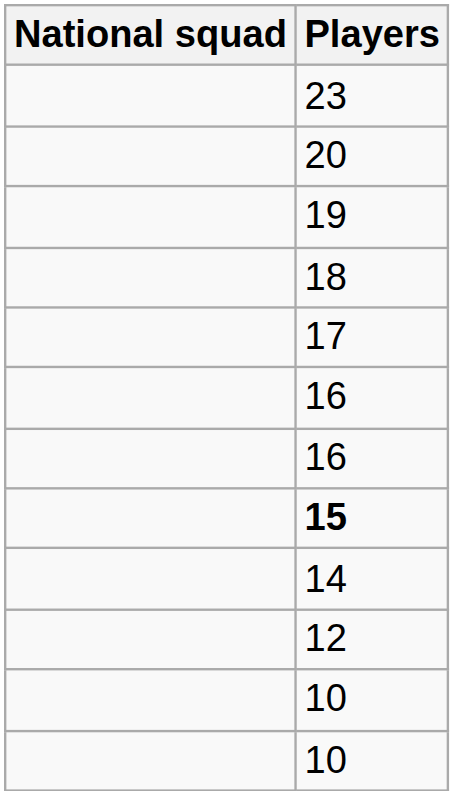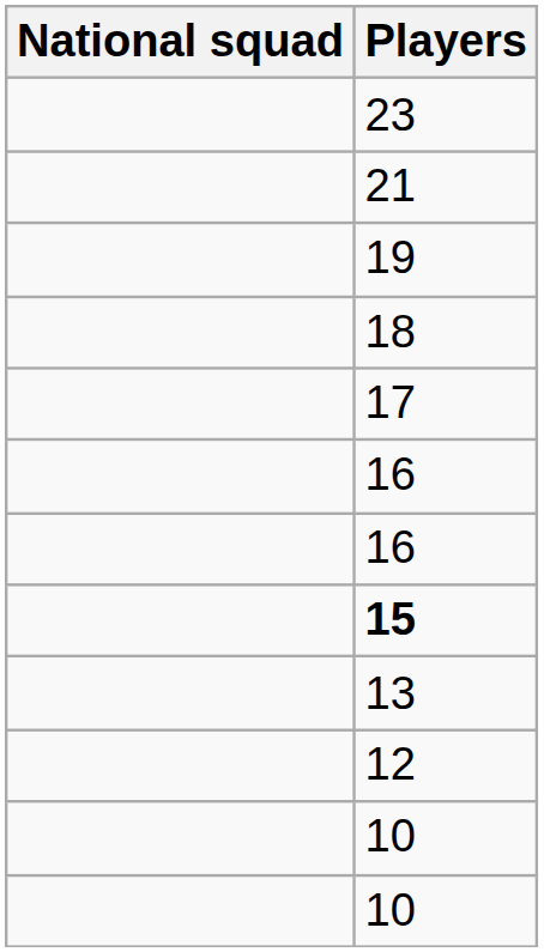 <table class="wikitable sortable">
 <tr>
 <th>National squad</th>
 <th>Players</th>
 </tr>
 <tr>
 <td></td>
 <td>23</td>
 </tr>
 <tr>
 <td></td>
-<td>20</td>
+<td>21</td>
 </tr>
 <tr>
 <td></td>
 <td>19</td>
 </tr>
 <tr>
 <td></td>
 <td>18</td>
 </tr>
 <tr>
 <td></td>
 <td>17</td>
 </tr>
 <tr>
 <td></td>
 <td>16</td>
 </tr>
 <tr>
 <td></td>
 <td>16</td>
 </tr>
 <tr>
 <td></td>
 <td><strong>15</strong></td>
 </tr>
 <tr>
 <td></td>
-<td>14</td>
+<td>13</td>
 </tr>
 <tr>
 <td></td>
 <td>12</td>
 </tr>
 <tr>
 <td></td>
 <td>10</td>
 </tr>
 <tr>
 <td></td>
 <td>10</td>
 </tr>
 </table>
